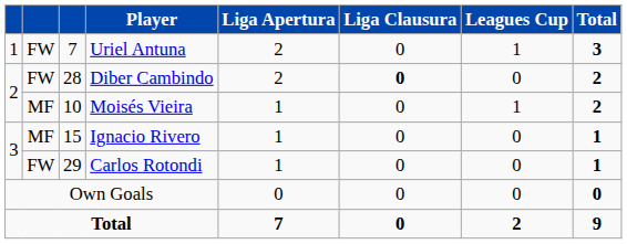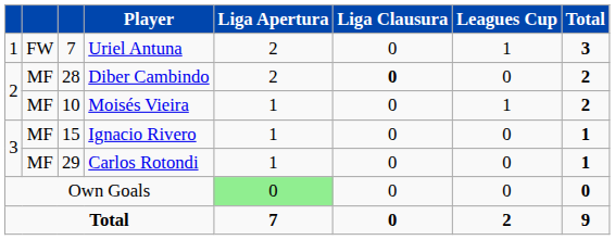 <table class="wikitable" style="text-align:center;">
 <tr>
 <th style="background:#0046AD; color:white; "></th>
 <th style="background:#0046AD; color:white; "></th>
 <th style="background:#0046AD; color:white; "></th>
 <th style="background:#0046AD; color:white; ">Player</th>
 <th style="background:#0046AD; color:white; ">Liga Apertura</th>
 <th style="background:#0046AD; color:white; ">Liga Clausura</th>
 <th style="background:#0046AD; color:white; ">Leagues Cup</th>
 <th style="background:#0046AD; color:white; ">Total</th>
 </tr>
 <tr>
 <td>1</td>
 <td>FW</td>
 <td>7</td>
 <td align=left> <a href='#'>Uriel Antuna</a></td>
 <td>2</td>
 <td>0</td>
 <td>1</td>
 <td><strong>3</strong></td>
 </tr>
 <tr>
 <td rowspan=2>2</td>
-<td>FW</td>
+<td>MF</td>
 <td>28</td>
 <td align=left> <a href='#'>Diber Cambindo</a></td>
 <td>2</td>
 <td><strong>0</strong></td>
 <td>0</td>
 <td><strong>2</strong></td>
 </tr>
 <tr>
 <td>MF</td>
 <td>10</td>
 <td align=left> <a href='#'>Moisés Vieira</a></td>
 <td>1</td>
 <td>0</td>
 <td>1</td>
 <td><strong>2</strong></td>
 </tr>
 <tr>
 <td rowspan=2>3</td>
 <td>MF</td>
 <td>15</td>
 <td align=left> <a href='#'>Ignacio Rivero</a></td>
 <td>1</td>
 <td>0</td>
 <td>0</td>
 <td><strong>1</strong></td>
 </tr>
 <tr>
-<td>FW</td>
+<td>MF</td>
 <td>29</td>
 <td align=left> <a href='#'>Carlos Rotondi</a></td>
 <td>1</td>
 <td>0</td>
 <td>0</td>
 <td><strong>1</strong></td>
 </tr>
 <tr>
 <td colspan="4">Own Goals</td>
-<td>0</td>
+<td style="background: lightgreen;">0</td>
 <td>0</td>
 <td>0</td>
 <td><strong>0</strong></td>
 </tr>
 <tr>
 <td colspan="4"><strong>Total</strong></td>
 <td><strong>7</strong></td>
 <td><strong>0</strong></td>
 <td><strong>2</strong></td>
 <td><strong>9</strong></td>
 </tr>
 </table>
